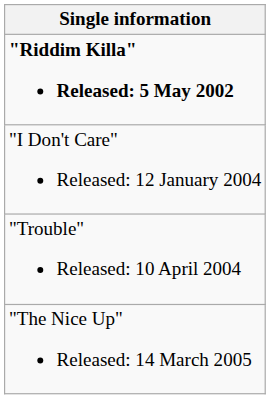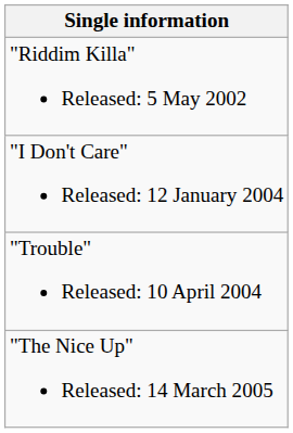 <table class="wikitable">
 <tr>
 <th align="left">Single information</th>
 </tr>
 <tr>
-<td align="left"><strong>"Riddim Killa"<br><ul><li>Released: 5 May 2002</li></ul></strong></td>
+<td align="left">"Riddim Killa"<br><ul><li>Released: 5 May 2002</li></ul></td>
 </tr>
 <tr>
 <td align="left">"I Don't Care"<br><ul><li>Released: 12 January 2004</li></ul></td>
 </tr>
 <tr>
 <td align="left">"Trouble"<br><ul><li>Released: 10 April 2004</li></ul></td>
 </tr>
 <tr>
 <td align="left">"The Nice Up"<br><ul><li>Released: 14 March 2005</li></ul></td>
 </tr>
 </table>
